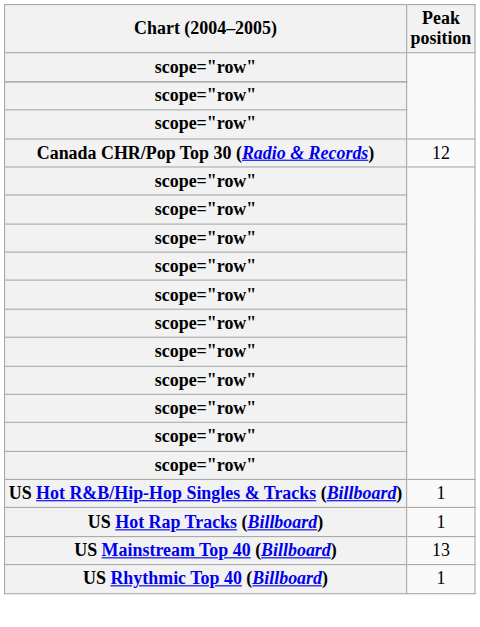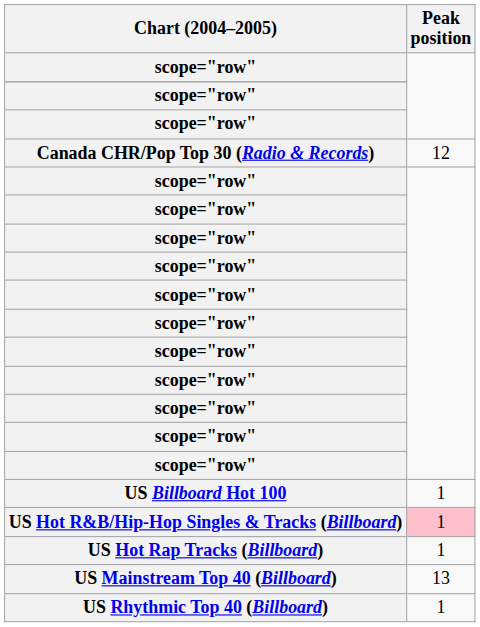 <table class="wikitable sortable plainrowheaders" style="text-align:center">
 <tr>
 <th scope="col">Chart (2004–2005)</th>
 <th scope="col">Peak<br>position</th>
 </tr>
 <tr>
 <th>scope="row"</th>
 </tr>
 <tr>
 </tr>
 <tr>
 <th>scope="row"</th>
 </tr>
 <tr>
 <th>scope="row"</th>
 </tr>
 <tr>
 <th scope="row">Canada CHR/Pop Top 30 (<em><a href='#'>Radio & Records</a></em>)</th>
 <td>12</td>
 </tr>
 <tr>
 <th>scope="row"</th>
 </tr>
 <tr>
 <th>scope="row"</th>
 </tr>
 <tr>
 <th>scope="row"</th>
 </tr>
 <tr>
 <th>scope="row"</th>
 </tr>
 <tr>
 <th>scope="row"</th>
 </tr>
 <tr>
 <th>scope="row"</th>
 </tr>
 <tr>
 <th>scope="row"</th>
 </tr>
 <tr>
 <th>scope="row"</th>
 </tr>
 <tr>
 <th>scope="row"</th>
 </tr>
 <tr>
 <th>scope="row"</th>
 </tr>
 <tr>
 <th>scope="row"</th>
 </tr>
 <tr>
+<th scope="row">US <a href='#'><em>Billboard</em> Hot 100</a></th>
+<td>1</td>
+</tr>
+<tr>
 <th scope="row">US <a href='#'>Hot R&B/Hip-Hop Singles & Tracks</a> (<em><a href='#'>Billboard</a></em>)</th>
-<td>1</td>
+<td style="background: pink;">1</td>
 </tr>
 <tr>
 <th scope="row">US <a href='#'>Hot Rap Tracks</a> (<em><a href='#'>Billboard</a></em>)</th>
 <td>1</td>
 </tr>
 <tr>
 <th scope="row">US <a href='#'>Mainstream Top 40</a> (<em><a href='#'>Billboard</a></em>)</th>
 <td>13</td>
 </tr>
 <tr>
 <th scope="row">US <a href='#'>Rhythmic Top 40</a> (<em><a href='#'>Billboard</a></em>)</th>
 <td>1</td>
 </tr>
 </table>
